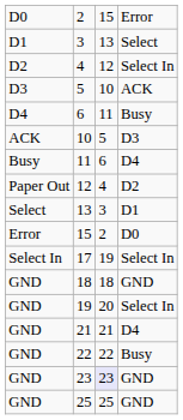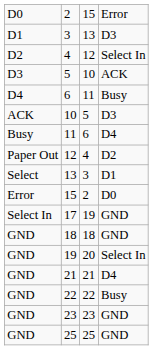 <table class="wikitable">
 <tr>
 <td>D0</td>
 <td>2</td>
 <td>15</td>
 <td>Error</td>
 </tr>
 <tr>
 <td>D1</td>
 <td>3</td>
 <td>13</td>
-<td>Select</td>
+<td>D3</td>
 </tr>
 <tr>
 <td>D2</td>
 <td>4</td>
 <td>12</td>
 <td>Select In</td>
 </tr>
 <tr>
 <td>D3</td>
 <td>5</td>
 <td>10</td>
 <td>ACK</td>
 </tr>
 <tr>
 <td>D4</td>
 <td>6</td>
 <td>11</td>
 <td>Busy</td>
 </tr>
 <tr>
 <td>ACK</td>
 <td>10</td>
 <td>5</td>
 <td>D3</td>
 </tr>
 <tr>
 <td>Busy</td>
 <td>11</td>
 <td>6</td>
 <td>D4</td>
 </tr>
 <tr>
 <td>Paper Out</td>
 <td>12</td>
 <td>4</td>
 <td>D2</td>
 </tr>
 <tr>
 <td>Select</td>
 <td>13</td>
 <td>3</td>
 <td>D1</td>
 </tr>
 <tr>
 <td>Error</td>
 <td>15</td>
 <td>2</td>
 <td>D0</td>
 </tr>
 <tr>
 <td>Select In</td>
 <td>17</td>
 <td>19</td>
-<td>Select In</td>
+<td>GND</td>
 </tr>
 <tr>
 <td>GND</td>
 <td>18</td>
 <td>18</td>
 <td>GND</td>
 </tr>
 <tr>
 <td>GND</td>
 <td>19</td>
 <td>20</td>
 <td>Select In</td>
 </tr>
 <tr>
 <td>GND</td>
 <td>21</td>
 <td>21</td>
 <td>D4</td>
 </tr>
 <tr>
 <td>GND</td>
 <td>22</td>
 <td>22</td>
 <td>Busy</td>
 </tr>
 <tr>
 <td>GND</td>
 <td>23</td>
-<td style="background: lavender;">23</td>
+<td>23</td>
 <td>GND</td>
 </tr>
 <tr>
 <td>GND</td>
 <td>25</td>
 <td>25</td>
 <td>GND</td>
 </tr>
 </table>
